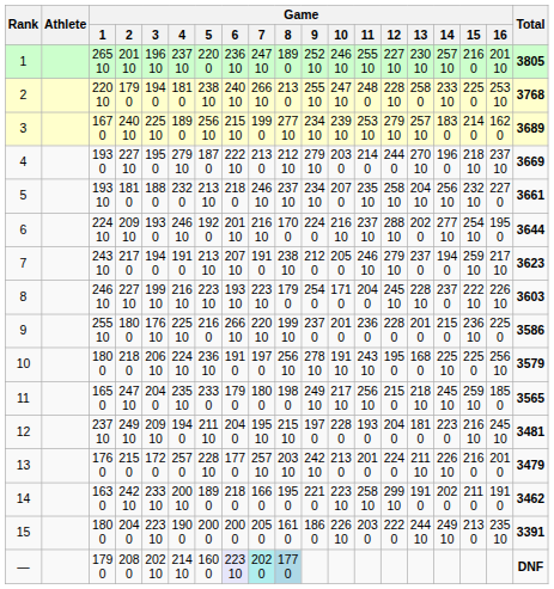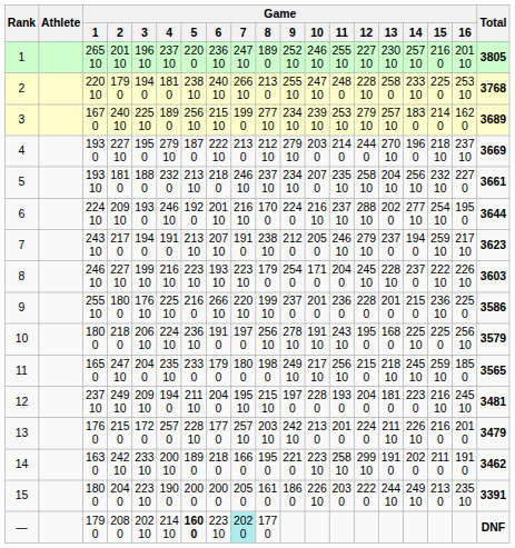 <table class=wikitable style="text-align:center">
 <tr>
 <th rowspan="2" width=40>Rank</th>
 <th rowspan="2" width=250>Athlete</th>
 <th colspan="16">Game</th>
 <th rowspan="2" width=50>Total</th>
 </tr>
 <tr>
 <th width=25>1</th>
 <th width=25>2</th>
 <th width=25>3</th>
 <th width=25>4</th>
 <th width=25>5</th>
 <th width=25>6</th>
 <th width=25>7</th>
 <th width=25>8</th>
 <th width=25>9</th>
 <th width=25>10</th>
 <th width=25>11</th>
 <th width=25>12</th>
 <th width=25>13</th>
 <th width=25>14</th>
 <th width=25>15</th>
 <th width=25>16</th>
 </tr>
 <tr bgcolor="#ccffcc">
 <td>1</td>
 <td align="left"></td>
 <td>265<br>10</td>
 <td>201<br>10</td>
 <td>196<br>10</td>
 <td>237<br>10</td>
 <td>220<br>0</td>
 <td>236<br>10</td>
 <td>247<br>10</td>
 <td>189<br>0</td>
 <td>252<br>10</td>
 <td>246<br>10</td>
 <td>255<br>10</td>
 <td>227<br>10</td>
 <td>230<br>10</td>
 <td>257<br>10</td>
 <td>216<br>0</td>
 <td>201<br>10</td>
 <td><strong>3805</strong></td>
 </tr>
 <tr bgcolor="#ffffcc">
 <td>2</td>
 <td align="left"></td>
 <td>220<br>10</td>
 <td>179<br>0</td>
 <td>194<br>0</td>
 <td>181<br>0</td>
 <td>238<br>10</td>
 <td>240<br>10</td>
 <td>266<br>10</td>
 <td>213<br>0</td>
 <td>255<br>10</td>
 <td>247<br>10</td>
 <td>248<br>0</td>
 <td>228<br>10</td>
 <td>258<br>0</td>
 <td>233<br>10</td>
 <td>225<br>0</td>
 <td>253<br>10</td>
 <td><strong>3768</strong></td>
 </tr>
 <tr bgcolor="#ffffcc">
 <td>3</td>
 <td align="left"></td>
 <td>167<br>0</td>
 <td>240<br>10</td>
 <td>225<br>10</td>
 <td>189<br>0</td>
 <td>256<br>10</td>
 <td>215<br>10</td>
 <td>199<br>0</td>
 <td>277<br>10</td>
 <td>234<br>10</td>
 <td>239<br>10</td>
 <td>253<br>10</td>
 <td>279<br>10</td>
 <td>257<br>10</td>
 <td>183<br>0</td>
 <td>214<br>0</td>
 <td>162<br>0</td>
 <td><strong>3689</strong></td>
 </tr>
 <tr>
 <td>4</td>
 <td align="left"></td>
 <td>193<br>0</td>
 <td>227<br>10</td>
 <td>195<br>0</td>
 <td>279<br>10</td>
 <td>187<br>0</td>
 <td>222<br>10</td>
 <td>213<br>0</td>
 <td>212<br>10</td>
 <td>279<br>10</td>
 <td>203<br>0</td>
 <td>214<br>0</td>
 <td>244<br>0</td>
 <td>270<br>10</td>
 <td>196<br>0</td>
 <td>218<br>10</td>
 <td>237<br>10</td>
 <td><strong>3669</strong></td>
 </tr>
 <tr>
 <td>5</td>
 <td align="left"></td>
 <td>193<br>10</td>
 <td>181<br>0</td>
 <td>188<br>0</td>
 <td>232<br>0</td>
 <td>213<br>10</td>
 <td>218<br>0</td>
 <td>246<br>10</td>
 <td>237<br>10</td>
 <td>234<br>10</td>
 <td>207<br>0</td>
 <td>235<br>10</td>
 <td>258<br>10</td>
 <td>204<br>10</td>
 <td>256<br>10</td>
 <td>232<br>10</td>
 <td>227<br>0</td>
 <td><strong>3661</strong></td>
 </tr>
 <tr>
 <td>6</td>
 <td align="left"></td>
 <td>224<br>10</td>
 <td>209<br>10</td>
 <td>193<br>0</td>
 <td>246<br>10</td>
 <td>192<br>0</td>
 <td>201<br>10</td>
 <td>216<br>10</td>
 <td>170<br>0</td>
 <td>224<br>0</td>
 <td>216<br>10</td>
 <td>237<br>10</td>
 <td>288<br>10</td>
 <td>202<br>0</td>
 <td>277<br>10</td>
 <td>254<br>10</td>
 <td>195<br>0</td>
 <td><strong>3644</strong></td>
 </tr>
 <tr>
 <td>7</td>
 <td align="left"></td>
 <td>243<br>10</td>
 <td>217<br>0</td>
 <td>194<br>0</td>
 <td>191<br>0</td>
 <td>213<br>10</td>
 <td>207<br>10</td>
 <td>191<br>0</td>
 <td>238<br>10</td>
 <td>212<br>0</td>
 <td>205<br>0</td>
 <td>246<br>10</td>
 <td>279<br>10</td>
 <td>237<br>0</td>
 <td>194<br>0</td>
 <td>259<br>10</td>
 <td>217<br>10</td>
 <td><strong>3623</strong></td>
 </tr>
 <tr>
 <td>8</td>
 <td align="left"></td>
 <td>246<br>10</td>
 <td>227<br>10</td>
 <td>199<br>10</td>
 <td>216<br>10</td>
 <td>223<br>10</td>
 <td>193<br>10</td>
 <td>223<br>10</td>
 <td>179<br>0</td>
 <td>254<br>0</td>
 <td>171<br>0</td>
 <td>204<br>0</td>
 <td>245<br>10</td>
 <td>228<br>10</td>
 <td>237<br>0</td>
 <td>222<br>10</td>
 <td>226<br>10</td>
 <td><strong>3603</strong></td>
 </tr>
 <tr>
 <td>9</td>
 <td align="left"></td>
 <td>255<br>10</td>
 <td>180<br>0</td>
 <td>176<br>10</td>
 <td>225<br>10</td>
 <td>216<br>0</td>
 <td>266<br>10</td>
 <td>220<br>10</td>
 <td>199<br>10</td>
 <td>237<br>0</td>
 <td>201<br>0</td>
 <td>236<br>0</td>
 <td>228<br>0</td>
 <td>201<br>0</td>
 <td>215<br>0</td>
 <td>236<br>10</td>
 <td>225<br>0</td>
 <td><strong>3586</strong></td>
 </tr>
 <tr>
 <td>10</td>
 <td align="left"></td>
 <td>180<br>0</td>
 <td>218<br>0</td>
 <td>206<br>10</td>
 <td>224<br>10</td>
 <td>236<br>10</td>
 <td>191<br>0</td>
 <td>197<br>0</td>
 <td>256<br>10</td>
 <td>278<br>10</td>
 <td>191<br>10</td>
 <td>243<br>10</td>
 <td>195<br>0</td>
 <td>168<br>0</td>
 <td>225<br>10</td>
 <td>225<br>0</td>
 <td>256<br>10</td>
 <td><strong>3579</strong></td>
 </tr>
 <tr>
 <td>11</td>
 <td align="left"></td>
 <td>165<br>0</td>
 <td>247<br>10</td>
 <td>204<br>0</td>
 <td>235<br>10</td>
 <td>233<br>0</td>
 <td>179<br>0</td>
 <td>180<br>0</td>
 <td>198<br>0</td>
 <td>249<br>10</td>
 <td>217<br>10</td>
 <td>256<br>10</td>
 <td>215<br>0</td>
 <td>218<br>10</td>
 <td>245<br>10</td>
 <td>259<br>10</td>
 <td>185<br>0</td>
 <td><strong>3565</strong></td>
 </tr>
 <tr>
 <td>12</td>
 <td align="left"></td>
 <td>237<br>10</td>
 <td>249<br>10</td>
 <td>209<br>10</td>
 <td>194<br>0</td>
 <td>211<br>10</td>
 <td>204<br>0</td>
 <td>195<br>10</td>
 <td>215<br>10</td>
 <td>197<br>0</td>
 <td>228<br>0</td>
 <td>193<br>0</td>
 <td>204<br>0</td>
 <td>181<br>0</td>
 <td>223<br>0</td>
 <td>216<br>10</td>
 <td>245<br>10</td>
 <td><strong>3481</strong></td>
 </tr>
 <tr>
 <td>13</td>
 <td align="left"></td>
 <td>176<br>0</td>
 <td>215<br>0</td>
 <td>172<br>0</td>
 <td>257<br>0</td>
 <td>228<br>10</td>
 <td>177<br>0</td>
 <td>257<br>10</td>
 <td>203<br>10</td>
 <td>242<br>10</td>
 <td>213<br>0</td>
 <td>201<br>0</td>
 <td>224<br>0</td>
 <td>211<br>10</td>
 <td>226<br>10</td>
 <td>216<br>0</td>
 <td>201<br>0</td>
 <td><strong>3479</strong></td>
 </tr>
 <tr>
 <td>14</td>
 <td align="left"></td>
 <td>163<br>0</td>
 <td>242<br>10</td>
 <td>233<br>10</td>
 <td>200<br>10</td>
 <td>189<br>0</td>
 <td>218<br>0</td>
 <td>166<br>0</td>
 <td>195<br>0</td>
 <td>221<br>0</td>
 <td>223<br>10</td>
 <td>258<br>10</td>
 <td>299<br>10</td>
 <td>191<br>0</td>
 <td>202<br>0</td>
 <td>211<br>0</td>
 <td>191<br>0</td>
 <td><strong>3462</strong></td>
 </tr>
 <tr>
 <td>15</td>
 <td align="left"></td>
 <td>180<br>0</td>
 <td>204<br>0</td>
 <td>223<br>10</td>
 <td>190<br>0</td>
 <td>200<br>0</td>
 <td>200<br>0</td>
 <td>205<br>0</td>
 <td>161<br>0</td>
 <td>186<br>0</td>
 <td>226<br>10</td>
 <td>203<br>0</td>
 <td>222<br>0</td>
 <td>244<br>10</td>
 <td>249<br>10</td>
 <td>213<br>0</td>
 <td>235<br>10</td>
 <td><strong>3391</strong></td>
 </tr>
 <tr>
 <td>—</td>
 <td align="left"></td>
 <td>179<br>0</td>
 <td>208<br>0</td>
 <td>202<br>10</td>
 <td>214<br>10</td>
-<td>160<br>0</td>
-<td style="background: lavender;">223<br>10</td>
+<td><strong>160<br>0</strong></td>
+<td>223<br>10</td>
 <td style="background: paleturquoise;">202<br>0</td>
-<td style="background: lightblue;">177<br>0</td>
+<td>177<br>0</td>
 <td></td>
 <td></td>
 <td></td>
 <td></td>
 <td></td>
 <td></td>
 <td></td>
 <td></td>
 <td><strong>DNF</strong></td>
 </tr>
 </table>
